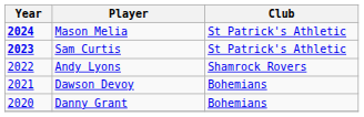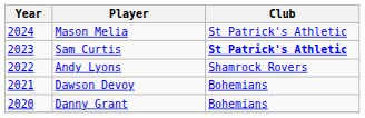 <table class="wikitable">
 <tr>
 <th>Year</th>
 <th>Player</th>
 <th>Club</th>
 </tr>
 <tr>
-<td width="50px"><strong><a href='#'>2024</a></strong></td>
+<td width="50px"><a href='#'>2024</a></td>
 <td width="175px"> <a href='#'>Mason Melia</a></td>
 <td width="175px"><a href='#'>St Patrick's Athletic</a></td>
 </tr>
 <tr>
-<td width="50px"><strong><a href='#'>2023</a></strong></td>
+<td width="50px"><a href='#'>2023</a></td>
 <td width="175px"> <a href='#'>Sam Curtis</a></td>
-<td width="175px"><a href='#'>St Patrick's Athletic</a></td>
+<td width="175px"><strong><a href='#'>St Patrick's Athletic</a></strong></td>
 </tr>
 <tr>
 <td width="50px"><a href='#'>2022</a></td>
 <td width="175px"> <a href='#'>Andy Lyons</a></td>
 <td width="175px"><a href='#'>Shamrock Rovers</a></td>
 </tr>
 <tr>
 <td width="50px"><a href='#'>2021</a></td>
 <td width="175px"> <a href='#'>Dawson Devoy</a></td>
 <td width="175px"><a href='#'>Bohemians</a></td>
 </tr>
 <tr>
 <td width="50px"><a href='#'>2020</a></td>
 <td width="175px"> <a href='#'>Danny Grant</a></td>
 <td width="175px"><a href='#'>Bohemians</a></td>
 </tr>
 <tr>
 </tr>
 </table>
